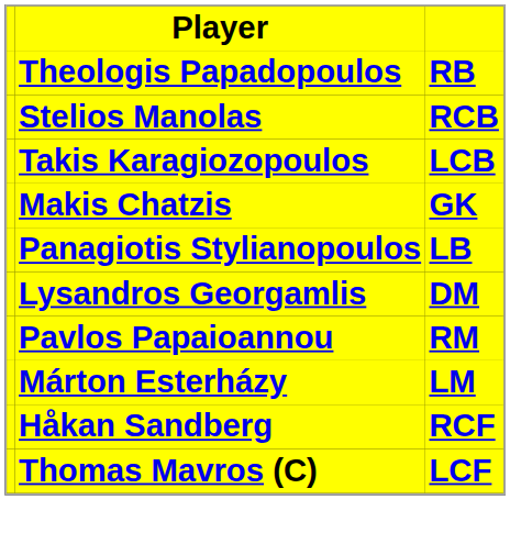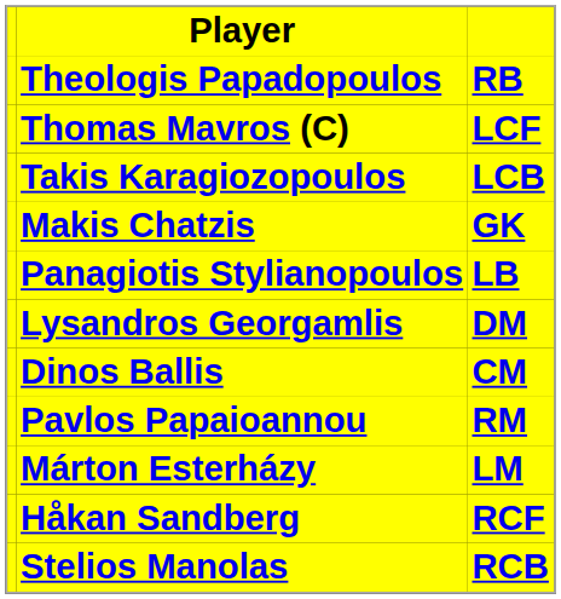 <table class="toccolours" border="0" cellpadding="2" cellspacing="0" align="center" style="margin: 0.5em 0 1em 1em; background: #000000; border: 1px #aaaaaa solid;">
 <tr bgcolor=#FFFF00>
 <th></th>
 <th>Player</th>
 <th></th>
 </tr>
 <tr bgcolor=#FFFF00>
 <td></td>
 <td><a href='#'><span><strong>Theologis Papadopoulos</strong></span></a></td>
 <td><a href='#'><strong>RB</strong></a></td>
 </tr>
 <tr bgcolor=#FFFF00>
 <td></td>
-<td><a href='#'><span><strong>Stelios Manolas</strong></span></a></td>
-<td><a href='#'><strong>RCB</strong></a></td>
+<td><a href='#'><span><strong>Thomas Mavros</strong></span></a> <strong>(C)</strong></td>
+<td><a href='#'><strong>LCF</strong></a></td>
 </tr>
 <tr bgcolor=#FFFF00>
 <td></td>
 <td><a href='#'><span><strong>Takis Karagiozopoulos</strong></span></a></td>
 <td><a href='#'><strong>LCB</strong></a></td>
 </tr>
 <tr bgcolor=#FFFF00>
 <td></td>
 <td><a href='#'><span><strong>Makis Chatzis</strong></span></a></td>
 <td><a href='#'><strong>GK</strong></a></td>
 </tr>
 <tr bgcolor=#FFFF00>
 <td></td>
 <td><a href='#'><span><strong>Panagiotis Stylianopoulos</strong></span></a></td>
 <td><a href='#'><strong>LB</strong></a></td>
 </tr>
 <tr bgcolor=#FFFF00>
 <td></td>
 <td><a href='#'><span><strong>Lysandros Georgamlis</strong></span></a></td>
 <td><a href='#'><strong>DM</strong></a></td>
 </tr>
 <tr bgcolor=#FFFF00>
 <td></td>
+<td><a href='#'><span><strong>Dinos Ballis</strong></span></a></td>
+<td><a href='#'><strong>CM</strong></a></td>
+</tr>
+<tr bgcolor=#FFFF00>
+<td></td>
 <td><a href='#'><span><strong>Pavlos Papaioannou</strong></span></a></td>
 <td><a href='#'><strong>RM</strong></a></td>
 </tr>
 <tr bgcolor=#FFFF00>
 <td></td>
 <td><a href='#'><span><strong>Márton Esterházy</strong></span></a></td>
 <td><a href='#'><strong>LM</strong></a></td>
 </tr>
 <tr bgcolor=#FFFF00>
 <td></td>
 <td><a href='#'><span><strong>Håkan Sandberg</strong></span></a></td>
 <td><a href='#'><strong>RCF</strong></a></td>
 </tr>
 <tr bgcolor=#FFFF00>
 <td></td>
-<td><a href='#'><span><strong>Thomas Mavros</strong></span></a> <strong>(C)</strong></td>
-<td><a href='#'><strong>LCF</strong></a></td>
+<td><a href='#'><span><strong>Stelios Manolas</strong></span></a></td>
+<td><a href='#'><strong>RCB</strong></a></td>
 </tr>
 </table>
